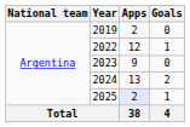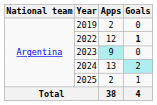 <table class="wikitable" style="text-align: center;">
 <tr>
 <th>National team</th>
 <th>Year</th>
 <th>Apps</th>
 <th>Goals</th>
 </tr>
 <tr>
 <td rowspan="5"><a href='#'>Argentina</a></td>
 <td>2019</td>
 <td>2</td>
 <td>0</td>
 </tr>
 <tr>
 <td>2022</td>
 <td>12</td>
-<td>1</td>
+<td><strong>1</strong></td>
 </tr>
 <tr>
 <td>2023</td>
-<td>9</td>
+<td style="background: paleturquoise;">9</td>
 <td>0</td>
 </tr>
 <tr>
 <td>2024</td>
 <td>13</td>
-<td>2</td>
+<td style="background: paleturquoise;">2</td>
 </tr>
 <tr>
 <td>2025</td>
-<td style="background: lavender;">2</td>
+<td>2</td>
 <td>1</td>
 </tr>
 <tr>
 <th colspan="2">Total</th>
 <th>38</th>
 <th>4</th>
 </tr>
 </table>
